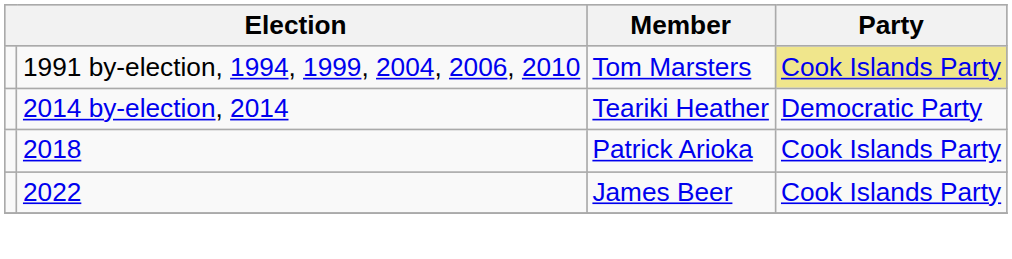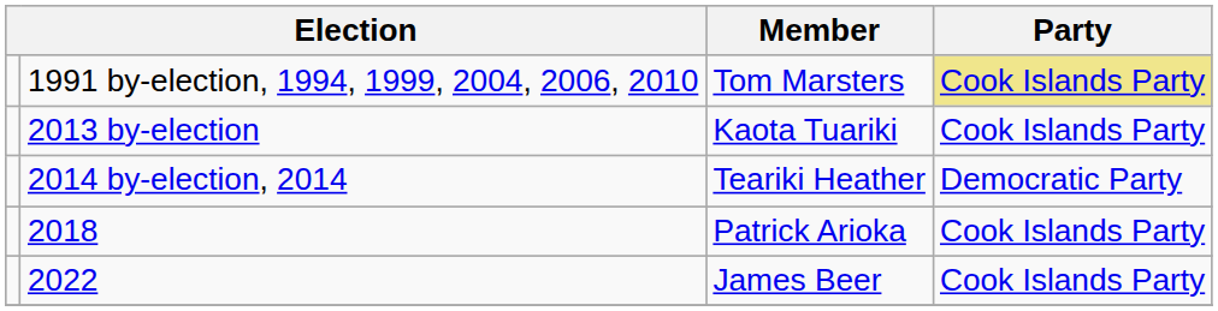 <table class="wikitable">
 <tr>
 <th colspan="2">Election</th>
 <th>Member</th>
 <th>Party</th>
 </tr>
 <tr>
 <td style="background-color: "></td>
 <td>1991 by-election, <a href='#'>1994</a>, <a href='#'>1999</a>, <a href='#'>2004</a>, <a href='#'>2006</a>, <a href='#'>2010</a></td>
 <td><a href='#'>Tom Marsters</a></td>
 <td style="background: khaki;"><a href='#'>Cook Islands Party</a></td>
+</tr>
+<tr>
+<td style="background-color: "></td>
+<td><a href='#'>2013 by-election</a></td>
+<td><a href='#'>Kaota Tuariki</a></td>
+<td><a href='#'>Cook Islands Party</a></td>
 </tr>
 <tr>
 <td style="background-color: "></td>
 <td><a href='#'>2014 by-election</a>, <a href='#'>2014</a></td>
 <td><a href='#'>Teariki Heather</a></td>
 <td><a href='#'>Democratic Party</a></td>
 </tr>
 <tr>
 <td style="background-color: "></td>
 <td><a href='#'>2018</a></td>
 <td><a href='#'>Patrick Arioka</a></td>
 <td><a href='#'>Cook Islands Party</a></td>
 </tr>
 <tr>
 <td style="background-color: "></td>
 <td><a href='#'>2022</a></td>
 <td><a href='#'>James Beer</a></td>
 <td><a href='#'>Cook Islands Party</a></td>
 </tr>
 <tr>
 </tr>
 </table>
